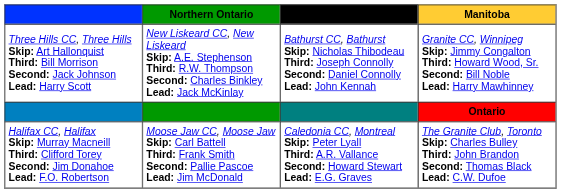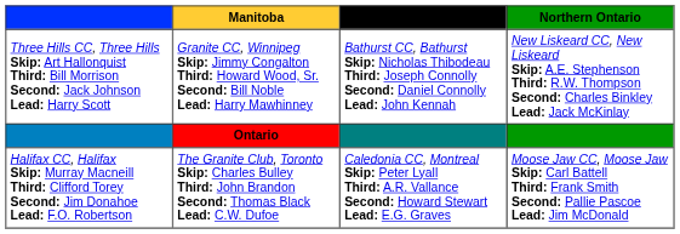 <table - border=1 cellpadding=5 cellspacing=0>
 <tr>
 <th bgcolor=#0033FF width=200></th>
+<th style="background:#FFCC33; width:200px;">Manitoba</th>
+<th bgcolor=#000000 width=200></th>
 <th style="background:#009900; width:200px;">Northern Ontario</th>
-<th bgcolor=#000000 width=200></th>
-<th style="background:#FFCC33; width:200px;">Manitoba</th>
 </tr>
 <tr>
 <td><em><a href='#'>Three Hills CC</a>, <a href='#'>Three Hills</a></em><br><strong>Skip:</strong> <a href='#'>Art Hallonquist</a><br> <strong>Third:</strong> <a href='#'>Bill Morrison</a><br> <strong>Second:</strong> <a href='#'>Jack Johnson</a><br> <strong>Lead:</strong> <a href='#'>Harry Scott</a></td>
+<td><em><a href='#'>Granite CC</a>, <a href='#'>Winnipeg</a></em><br><strong>Skip:</strong> <a href='#'>Jimmy Congalton</a><br> <strong>Third:</strong> <a href='#'>Howard Wood, Sr.</a><br> <strong>Second:</strong> <a href='#'>Bill Noble</a><br> <strong>Lead:</strong> <a href='#'>Harry Mawhinney</a></td>
+<td><em><a href='#'>Bathurst CC</a>, <a href='#'>Bathurst</a></em><br><strong>Skip:</strong> <a href='#'>Nicholas Thibodeau</a><br> <strong>Third:</strong> <a href='#'>Joseph Connolly</a><br> <strong>Second:</strong> <a href='#'>Daniel Connolly</a><br> <strong>Lead:</strong> <a href='#'>John Kennah</a></td>
 <td><em><a href='#'>New Liskeard CC</a>, <a href='#'>New Liskeard</a></em><br><strong>Skip:</strong> <a href='#'>A.E. Stephenson</a><br> <strong>Third:</strong> <a href='#'>R.W. Thompson</a><br> <strong>Second:</strong> <a href='#'>Charles Binkley</a><br> <strong>Lead:</strong> <a href='#'>Jack McKinlay</a></td>
-<td><em><a href='#'>Bathurst CC</a>, <a href='#'>Bathurst</a></em><br><strong>Skip:</strong> <a href='#'>Nicholas Thibodeau</a><br> <strong>Third:</strong> <a href='#'>Joseph Connolly</a><br> <strong>Second:</strong> <a href='#'>Daniel Connolly</a><br> <strong>Lead:</strong> <a href='#'>John Kennah</a></td>
-<td><em><a href='#'>Granite CC</a>, <a href='#'>Winnipeg</a></em><br><strong>Skip:</strong> <a href='#'>Jimmy Congalton</a><br> <strong>Third:</strong> <a href='#'>Howard Wood, Sr.</a><br> <strong>Second:</strong> <a href='#'>Bill Noble</a><br> <strong>Lead:</strong> <a href='#'>Harry Mawhinney</a></td>
 </tr>
 <tr border=1 cellpadding=5 cellspacing=0>
 <th bgcolor=#0080C0 width=200></th>
+<th bgcolor=#FF0000 width=200>Ontario</th>
+<th style="background:#008080; width:200px;"></th>
 <th bgcolor=#009900 width=200></th>
-<th style="background:#008080; width:200px;"></th>
-<th bgcolor=#FF0000 width=200>Ontario</th>
 </tr>
 <tr>
 <td><em><a href='#'>Halifax CC</a>, <a href='#'>Halifax</a></em><br><strong>Skip:</strong> <a href='#'>Murray Macneill</a><br> <strong>Third:</strong> <a href='#'>Clifford Torey</a><br> <strong>Second:</strong> <a href='#'>Jim Donahoe</a><br> <strong>Lead:</strong> <a href='#'>F.O. Robertson</a></td>
+<td><em><a href='#'>The Granite Club</a>, <a href='#'>Toronto</a></em><br><strong>Skip:</strong> <a href='#'>Charles Bulley</a><br> <strong>Third:</strong> <a href='#'>John Brandon</a><br> <strong>Second:</strong> <a href='#'>Thomas Black</a><br> <strong>Lead:</strong> <a href='#'>C.W. Dufoe</a></td>
+<td><em><a href='#'>Caledonia CC</a>, <a href='#'>Montreal</a></em><br><strong>Skip:</strong> <a href='#'>Peter Lyall</a><br> <strong>Third:</strong> <a href='#'>A.R. Vallance</a><br> <strong>Second:</strong> <a href='#'>Howard Stewart</a><br> <strong>Lead:</strong> <a href='#'>E.G. Graves</a></td>
 <td><em><a href='#'>Moose Jaw CC</a>, <a href='#'>Moose Jaw</a></em><br><strong>Skip:</strong> <a href='#'>Carl Battell</a><br> <strong>Third:</strong> <a href='#'>Frank Smith</a><br> <strong>Second:</strong> <a href='#'>Pallie Pascoe</a><br> <strong>Lead:</strong> <a href='#'>Jim McDonald</a></td>
-<td><em><a href='#'>Caledonia CC</a>, <a href='#'>Montreal</a></em><br><strong>Skip:</strong> <a href='#'>Peter Lyall</a><br> <strong>Third:</strong> <a href='#'>A.R. Vallance</a><br> <strong>Second:</strong> <a href='#'>Howard Stewart</a><br> <strong>Lead:</strong> <a href='#'>E.G. Graves</a></td>
-<td><em><a href='#'>The Granite Club</a>, <a href='#'>Toronto</a></em><br><strong>Skip:</strong> <a href='#'>Charles Bulley</a><br> <strong>Third:</strong> <a href='#'>John Brandon</a><br> <strong>Second:</strong> <a href='#'>Thomas Black</a><br> <strong>Lead:</strong> <a href='#'>C.W. Dufoe</a></td>
 </tr>
 </table>
